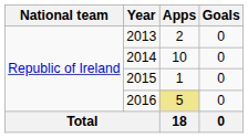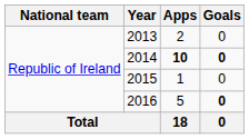 <table class="wikitable" style="text-align:center">
 <tr>
 <th>National team</th>
 <th>Year</th>
 <th>Apps</th>
 <th>Goals</th>
 </tr>
 <tr>
 <td rowspan="4"><a href='#'>Republic of Ireland</a></td>
 <td>2013</td>
 <td>2</td>
 <td>0</td>
 </tr>
 <tr>
 <td>2014</td>
-<td>10</td>
-<td>0</td>
+<td><strong>10</strong></td>
+<td><strong>0</strong></td>
 </tr>
 <tr>
 <td>2015</td>
 <td>1</td>
 <td>0</td>
 </tr>
 <tr>
 <td>2016</td>
-<td style="background: khaki;">5</td>
-<td>0</td>
+<td>5</td>
+<td><strong>0</strong></td>
 </tr>
 <tr>
 <th colspan="2">Total</th>
 <th>18</th>
 <th>0</th>
 </tr>
 </table>
